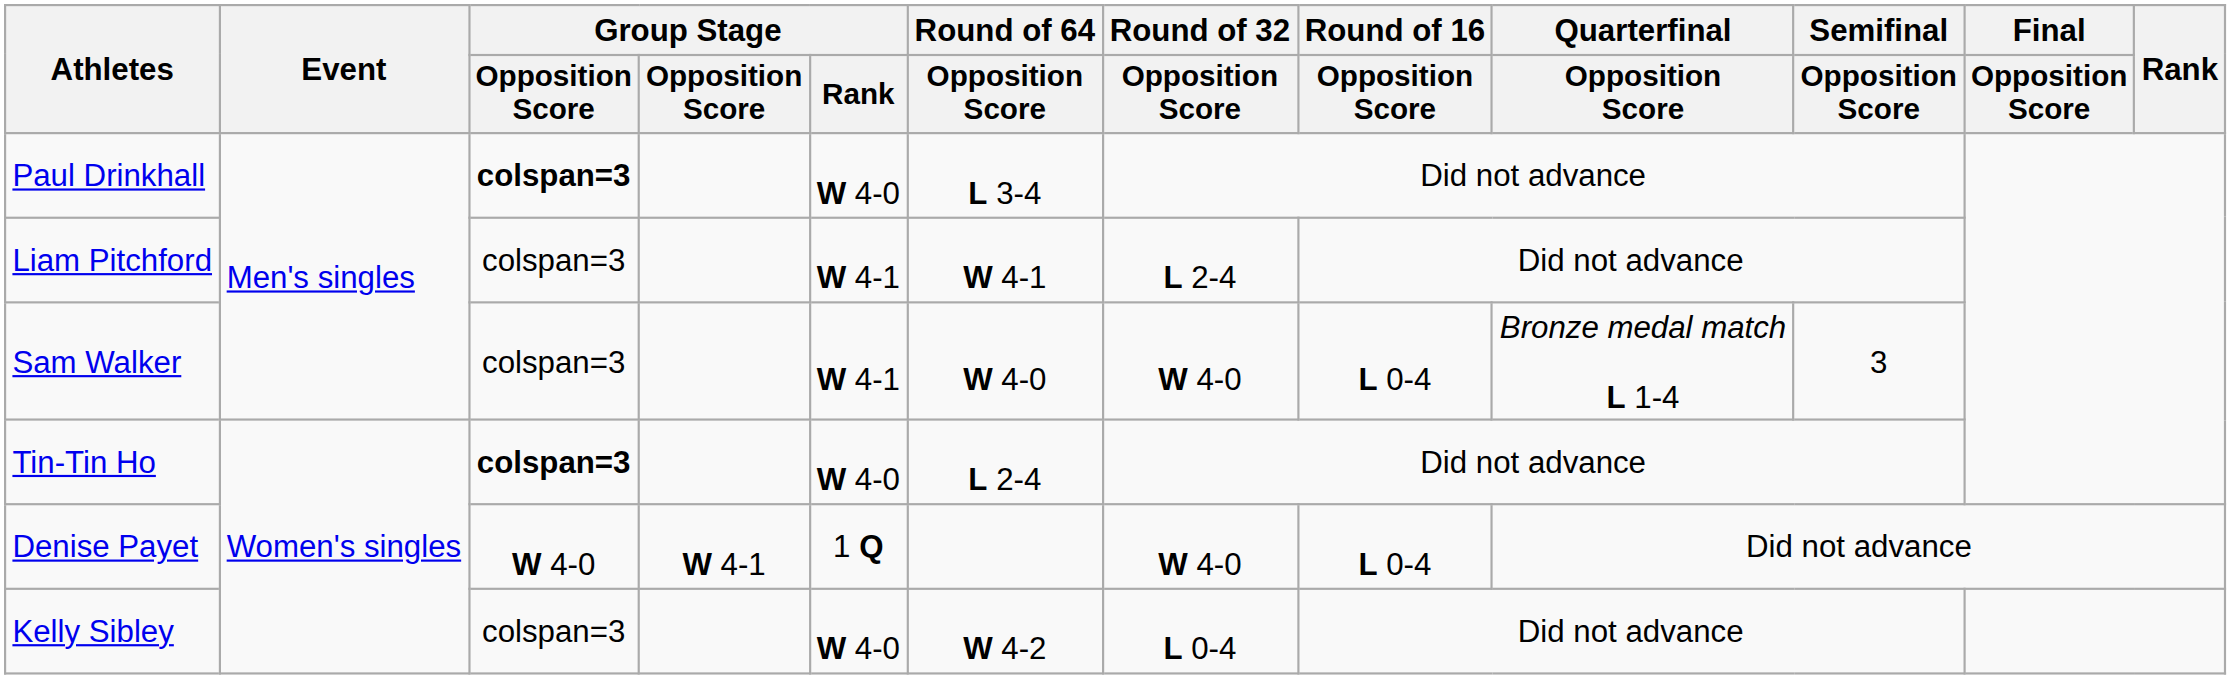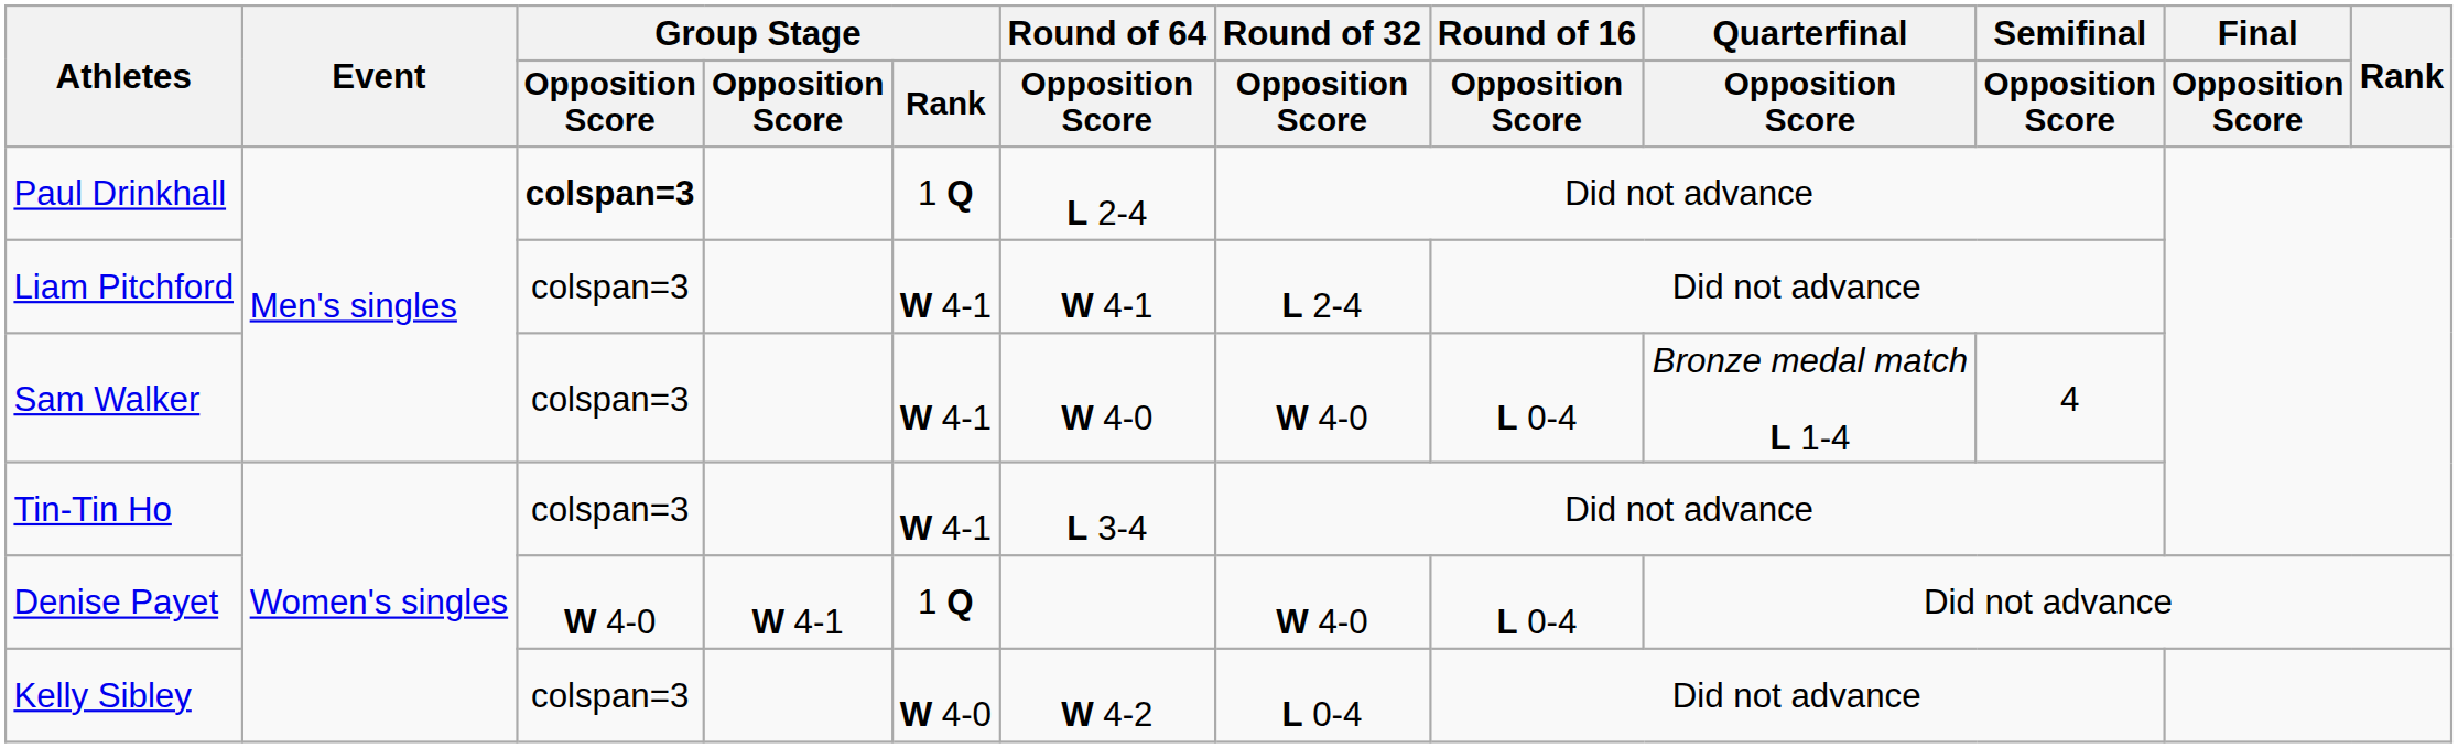 <table class="wikitable" style="font-size:90%">
 <tr>
 <th rowspan=2>Athletes</th>
 <th rowspan=2>Event</th>
 <th colspan=3>Group Stage</th>
 <th>Round of 64</th>
 <th>Round of 32</th>
 <th>Round of 16</th>
 <th>Quarterfinal</th>
 <th>Semifinal</th>
 <th>Final</th>
 <th rowspan=2>Rank</th>
 </tr>
 <tr style="font-size:95%">
 <th>Opposition<br>Score</th>
 <th>Opposition<br>Score</th>
 <th>Rank</th>
 <th>Opposition<br>Score</th>
 <th>Opposition<br>Score</th>
 <th>Opposition<br>Score</th>
 <th>Opposition<br>Score</th>
 <th>Opposition<br>Score</th>
 <th>Opposition<br>Score</th>
 </tr>
 <tr align=center>
 <td align=left><a href='#'>Paul Drinkhall</a></td>
 <td align=left rowspan=3><a href='#'>Men's singles</a></td>
 <td><strong>colspan=3 </strong></td>
 <td></td>
-<td><br><strong>W</strong> 4-0</td>
-<td><br><strong>L</strong> 3-4</td>
+<td>1 <strong>Q</strong></td>
+<td><br><strong>L</strong> 2-4</td>
 <td colspan=4>Did not advance</td>
 </tr>
 <tr align=center>
 <td align=left><a href='#'>Liam Pitchford</a></td>
 <td>colspan=3 </td>
 <td></td>
 <td><br><strong>W</strong> 4-1</td>
 <td><br><strong>W</strong> 4-1</td>
 <td><br><strong>L</strong> 2-4</td>
 <td colspan=3>Did not advance</td>
 </tr>
 <tr align=center>
 <td align=left><a href='#'>Sam Walker</a></td>
 <td>colspan=3 </td>
 <td></td>
 <td><br><strong>W</strong> 4-1</td>
 <td><br><strong>W</strong> 4-0</td>
 <td><br><strong>W</strong> 4-0</td>
 <td><br><strong>L</strong> 0-4</td>
 <td><em>Bronze medal match</em><br><br><strong>L</strong> 1-4</td>
-<td>3</td>
+<td>4</td>
 </tr>
 <tr align=center>
 <td align=left><a href='#'>Tin-Tin Ho</a></td>
 <td align=left rowspan=3><a href='#'>Women's singles</a></td>
-<td><strong>colspan=3 </strong></td>
+<td>colspan=3 </td>
 <td></td>
-<td><br><strong>W</strong> 4-0</td>
-<td><br><strong>L</strong> 2-4</td>
+<td><br><strong>W</strong> 4-1</td>
+<td><br><strong>L</strong> 3-4</td>
 <td colspan=4>Did not advance</td>
 </tr>
 <tr align=center>
 <td align=left><a href='#'>Denise Payet</a></td>
 <td><br><strong>W</strong> 4-0</td>
 <td><br><strong>W</strong> 4-1</td>
 <td>1 <strong>Q</strong></td>
 <td></td>
 <td><br><strong>W</strong> 4-0</td>
 <td><br><strong>L</strong> 0-4</td>
 <td colspan=4>Did not advance</td>
 </tr>
 <tr align=center>
 <td align=left><a href='#'>Kelly Sibley</a></td>
 <td>colspan=3 </td>
 <td></td>
 <td><br><strong>W</strong> 4-0</td>
 <td><br><strong>W</strong> 4-2</td>
 <td><br><strong>L</strong> 0-4</td>
 <td colspan=3>Did not advance</td>
 </tr>
 </table>
